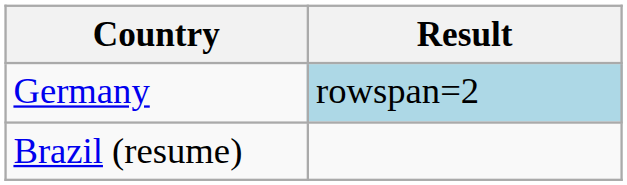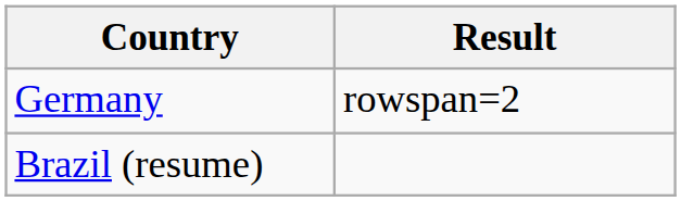 <table class="wikitable" style="float: right">
 <tr style="font-size: 96%;">
 <th width=125px>Country</th>
 <th width=130px>Result</th>
 </tr>
 <tr>
 <td> <a href='#'>Germany</a></td>
-<td style="background: lightblue;">rowspan=2 </td>
+<td>rowspan=2 </td>
 </tr>
 <tr>
 <td> <a href='#'>Brazil</a> (resume)</td>
 </tr>
 </table>
